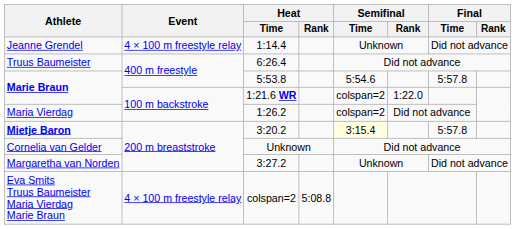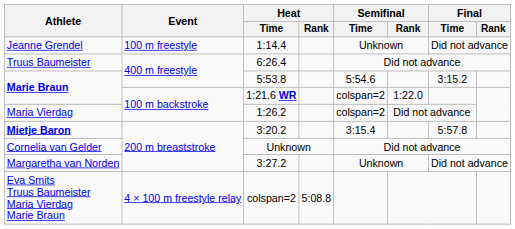 <table class=wikitable style="font-size:90%;">
 <tr>
 <th rowspan=2>Athlete</th>
 <th rowspan=2>Event</th>
 <th colspan=2>Heat</th>
 <th colspan=2>Semifinal</th>
 <th colspan=2>Final</th>
 </tr>
 <tr style="font-size:95%">
 <th>Time</th>
 <th>Rank</th>
 <th>Time</th>
 <th>Rank</th>
 <th>Time</th>
 <th>Rank</th>
 </tr>
 <tr align=center>
 <td align=left><a href='#'>Jeanne Grendel</a></td>
-<td align=left><a href='#'>4 × 100 m freestyle relay</a></td>
+<td align=left><a href='#'>100 m freestyle</a></td>
 <td>1:14.4</td>
 <td></td>
 <td colspan=2>Unknown</td>
 <td colspan=2>Did not advance</td>
 </tr>
 <tr align=center>
 <td align=left><a href='#'>Truus Baumeister</a></td>
 <td rowspan=2 align=left><a href='#'>400 m freestyle</a></td>
 <td>6:26.4</td>
 <td></td>
 <td colspan=4>Did not advance</td>
 </tr>
 <tr align=center>
 <td rowspan=2 align=left><strong><a href='#'>Marie Braun</a></strong></td>
 <td>5:53.8</td>
 <td></td>
 <td>5:54.6</td>
 <td></td>
-<td>5:57.8</td>
+<td>3:15.2</td>
 <td></td>
 </tr>
 <tr align=center>
 <td rowspan=2 align=left><a href='#'>100 m backstroke</a></td>
 <td>1:21.6 <strong><a href='#'>WR</a></strong></td>
 <td></td>
 <td>colspan=2 </td>
 <td>1:22.0</td>
 <td></td>
 </tr>
 <tr align=center>
 <td align=left><a href='#'>Maria Vierdag</a></td>
 <td>1:26.2</td>
 <td></td>
 <td>colspan=2 </td>
 <td colspan=2>Did not advance</td>
 </tr>
 <tr align=center>
 <td align=left><strong><a href='#'>Mietje Baron</a></strong></td>
 <td rowspan=3 align=left><a href='#'>200 m breaststroke</a></td>
 <td>3:20.2</td>
 <td></td>
-<td style="background: lightyellow;">3:15.4</td>
+<td>3:15.4</td>
 <td></td>
 <td>5:57.8</td>
 <td></td>
 </tr>
 <tr align=center>
 <td align=left><a href='#'>Cornelia van Gelder</a></td>
 <td colspan=2>Unknown</td>
 <td colspan=4>Did not advance</td>
 </tr>
 <tr align=center>
 <td align=left><a href='#'>Margaretha van Norden</a></td>
 <td>3:27.2</td>
 <td></td>
 <td colspan=2>Unknown</td>
 <td colspan=2>Did not advance</td>
 </tr>
 <tr align=center>
 <td align=left><a href='#'>Eva Smits</a><br><a href='#'>Truus Baumeister</a><br><a href='#'>Maria Vierdag</a><br><a href='#'>Marie Braun</a></td>
 <td align=left><a href='#'>4 × 100 m freestyle relay</a></td>
 <td>colspan=2 </td>
 <td>5:08.8</td>
 <td></td>
 <td colspan=2></td>
 </tr>
 </table>
